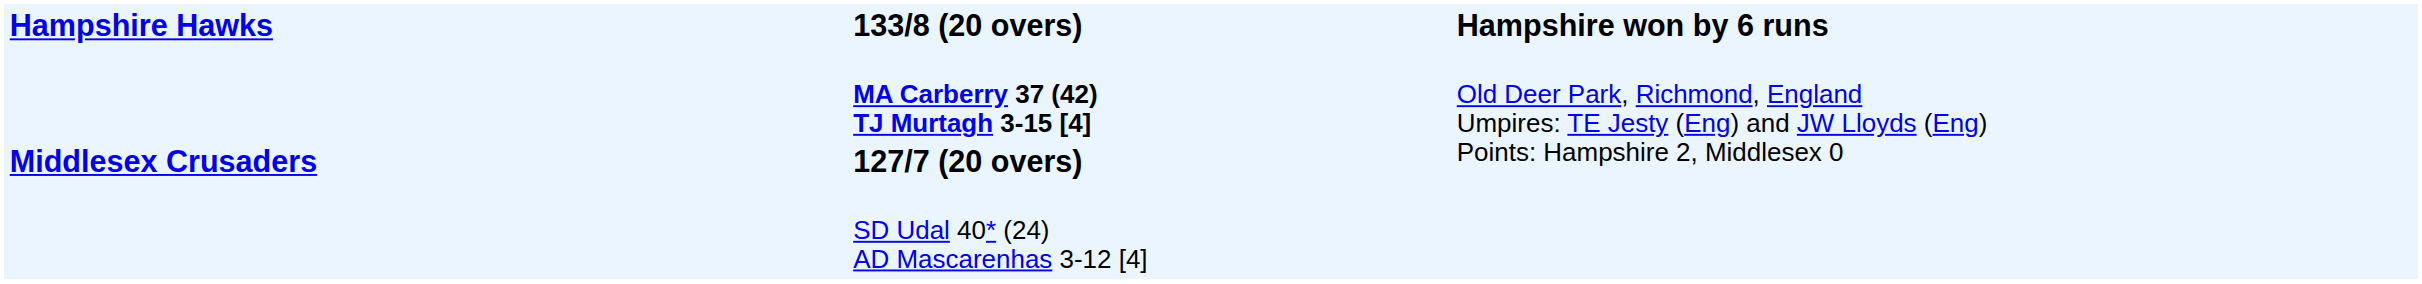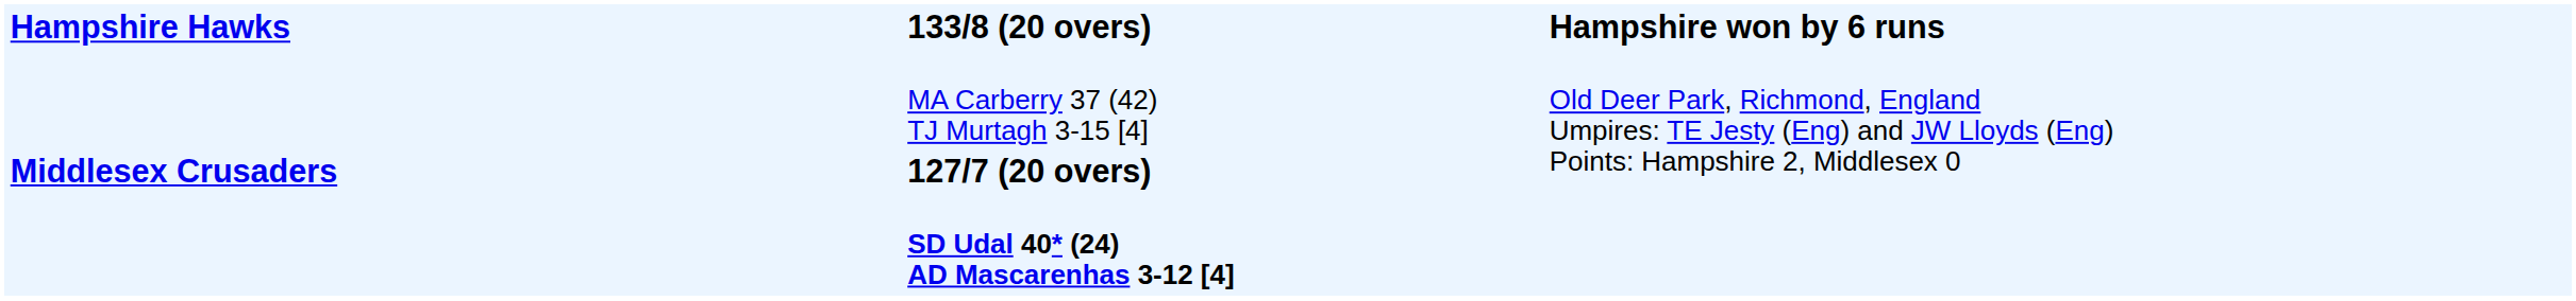 <table style="width:100%; background:#ebf5ff;">
 <tr>
 <td style="width:35%; vertical-align:top;" rowspan="2"><strong><a href='#'>Hampshire Hawks</a></strong></td>
 <td style="width:25%;"><strong>133/8 (20 overs)</strong></td>
 <td style="width:40%;"><strong>Hampshire won by 6 runs </strong></td>
 </tr>
 <tr>
-<td style="font-size: 85%;"><strong><br><a href='#'>MA Carberry</a> 37 (42)<br> <a href='#'>TJ Murtagh</a> 3-15 [4]</strong></td>
+<td style="font-size: 85%;"><br><a href='#'>MA Carberry</a> 37 (42)<br> <a href='#'>TJ Murtagh</a> 3-15 [4]</td>
 <td style="vertical-align:top; font-size:85%;" rowspan="3"><br><a href='#'>Old Deer Park</a>, <a href='#'>Richmond</a>, <a href='#'>England</a><br> Umpires: <a href='#'>TE Jesty</a> (<a href='#'>Eng</a>) and <a href='#'>JW Lloyds</a> (<a href='#'>Eng</a>)<br> Points: Hampshire 2, Middlesex 0</td>
 </tr>
 <tr>
 <td style="vertical-align:top;" rowspan="2"><strong><a href='#'>Middlesex Crusaders</a></strong></td>
 <td><strong>127/7 (20 overs)</strong></td>
 </tr>
 <tr>
-<td style="font-size: 85%;"><br><a href='#'>SD Udal</a> 40<a href='#'>*</a> (24)<br> <a href='#'>AD Mascarenhas</a> 3-12 [4]</td>
+<td style="font-size: 85%;"><strong><br><a href='#'>SD Udal</a> 40<a href='#'>*</a> (24)<br> <a href='#'>AD Mascarenhas</a> 3-12 [4]</strong></td>
 </tr>
 </table>
